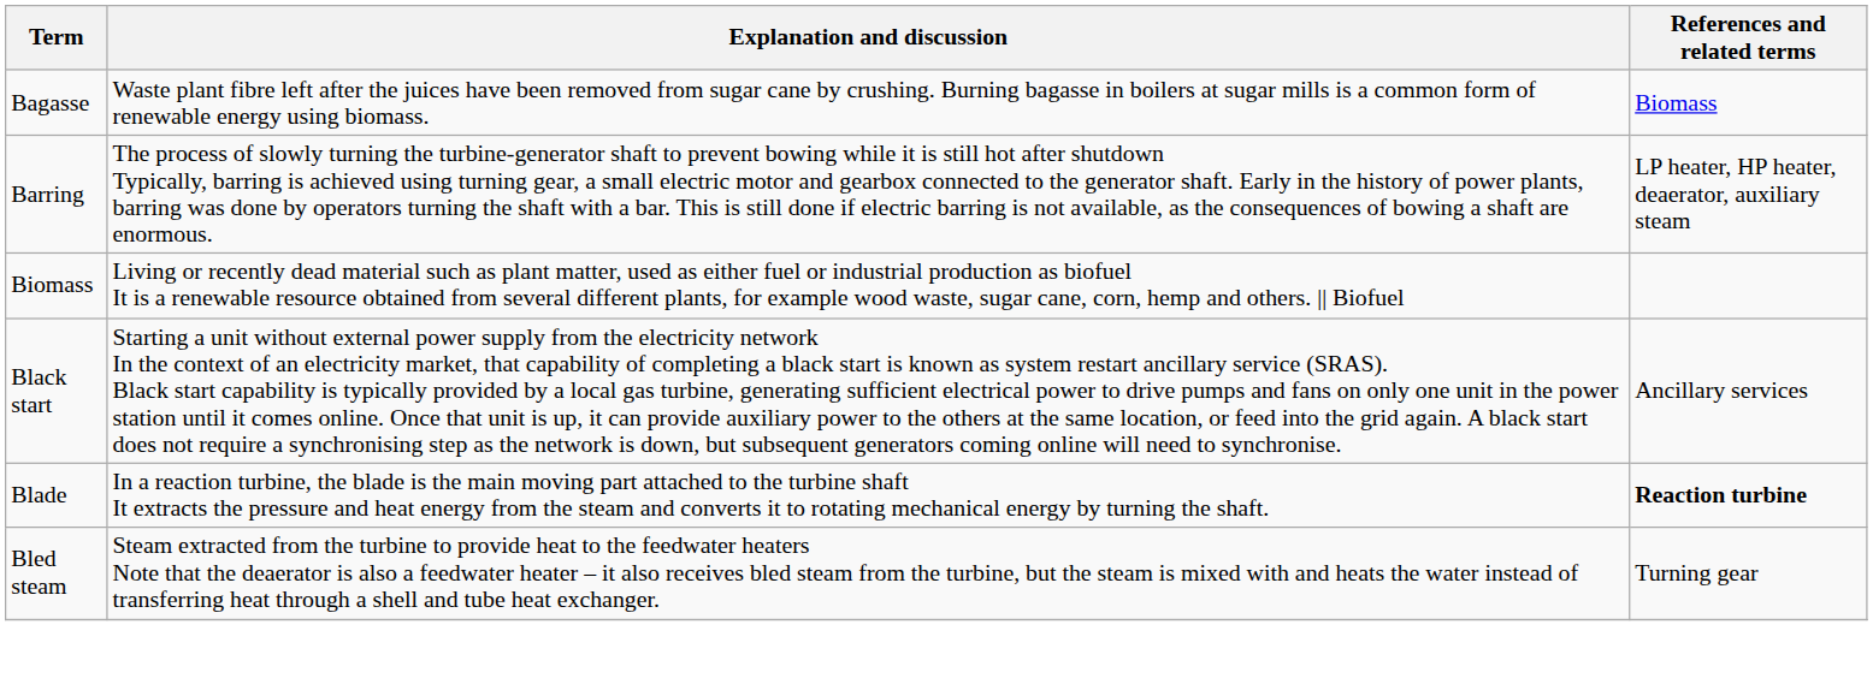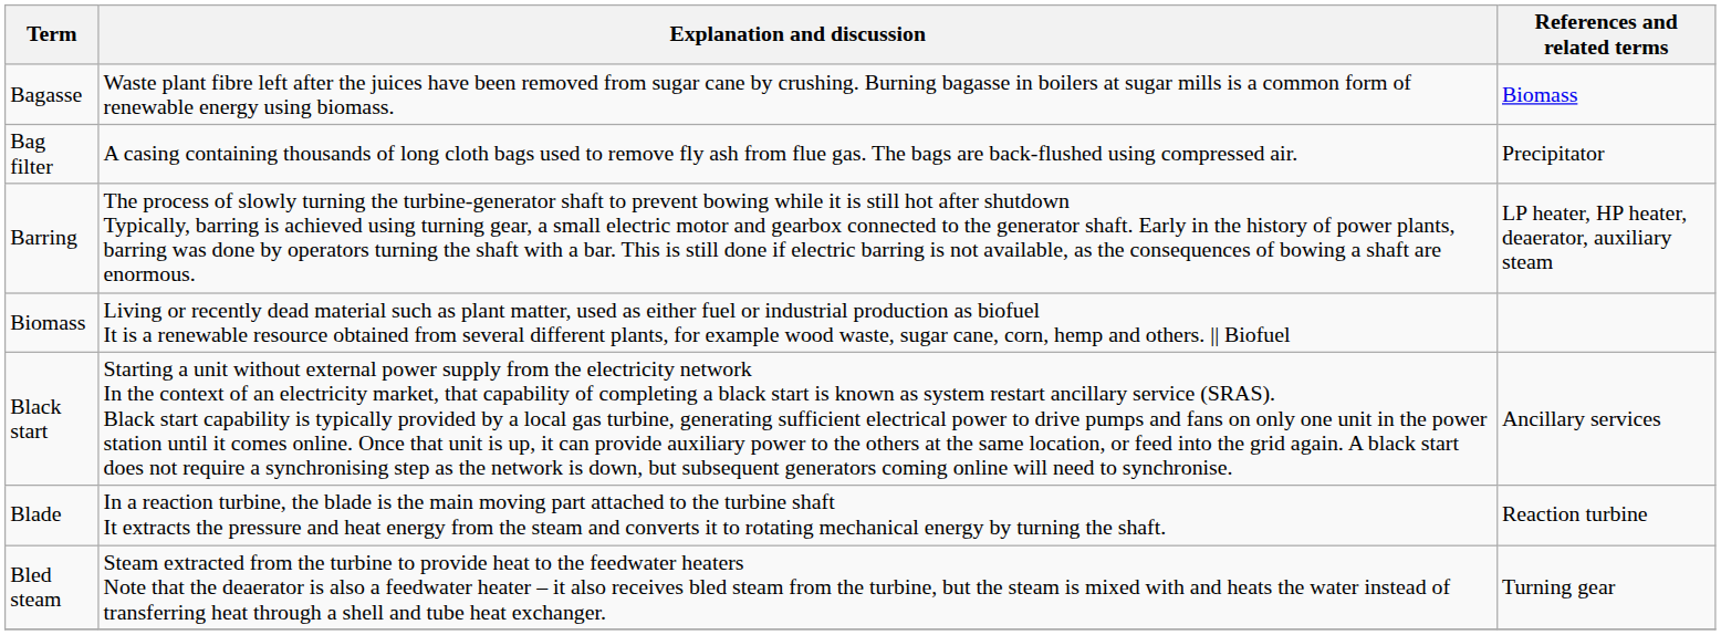 <table class="wikitable">
 <tr>
 <th>Term</th>
 <th>Explanation and discussion</th>
 <th>References and related terms</th>
 </tr>
 <tr>
 <td>Bagasse</td>
 <td>Waste plant fibre left after the juices have been removed from sugar cane by crushing. Burning bagasse in boilers at sugar mills is a common form of renewable energy using biomass.</td>
 <td><a href='#'>Biomass</a></td>
+</tr>
+<tr>
+<td>Bag filter</td>
+<td>A casing containing thousands of long cloth bags used to remove fly ash from flue gas. The bags are back-flushed using compressed air.</td>
+<td>Precipitator</td>
 </tr>
 <tr>
 <td>Barring</td>
 <td>The process of slowly turning the turbine-generator shaft to prevent bowing while it is still hot after shutdown<br>Typically, barring is achieved using turning gear, a small electric motor and gearbox connected to the generator shaft.  Early in the history of power plants, barring was done by operators turning the shaft with a bar.  This is still done if electric barring is not available, as the consequences of bowing a shaft are enormous.</td>
 <td>LP heater, HP heater, deaerator, auxiliary steam</td>
 </tr>
 <tr>
 <td>Biomass</td>
 <td>Living or recently dead material such as plant matter, used as either fuel or industrial production as biofuel<br>It is a renewable resource obtained from several different plants, for example wood waste, sugar cane, corn, hemp and others. || Biofuel</td>
 </tr>
 <tr>
 <td>Black start</td>
 <td>Starting a unit without external power supply from the electricity network<br>In the context of an electricity market, that capability of completing a black start is known as system restart ancillary service (SRAS).<br>Black start capability is typically provided by a local gas turbine, generating sufficient electrical power to drive pumps and fans on only one unit in the power station until it comes online.  Once that unit is up, it can provide auxiliary power to the others at the same location, or feed into the grid again. A black start does not require a synchronising step as the network is down, but subsequent generators coming online will need to synchronise.</td>
 <td>Ancillary services</td>
 </tr>
 <tr>
 <td>Blade</td>
 <td>In a reaction turbine, the blade is the main moving part attached to the turbine shaft<br>It extracts the pressure and heat energy from the steam and converts it to rotating mechanical energy by turning the shaft.</td>
-<td><strong>Reaction turbine</strong></td>
+<td>Reaction turbine</td>
 </tr>
 <tr>
 <td>Bled steam</td>
 <td>Steam extracted from the turbine to provide heat to the feedwater heaters<br>Note that the deaerator is also a feedwater heater – it also receives bled steam from the turbine, but the steam is mixed with and heats the water instead of transferring heat through a shell and tube heat exchanger.</td>
 <td>Turning gear</td>
 </tr>
 <tr>
 </tr>
 </table>
